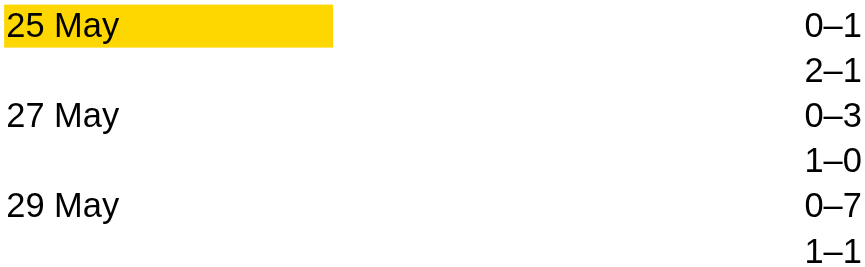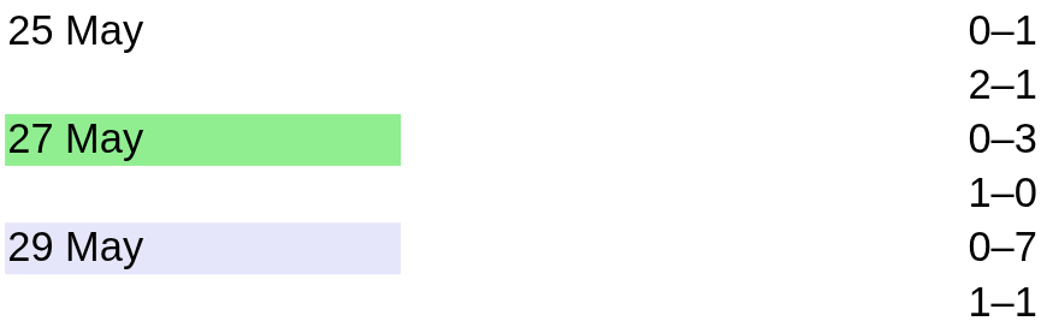 <table cellspacing=1 width=70%>
 <tr>
 <th width=25%></th>
 <th width=30%></th>
 <th width=15%></th>
 <th width=30%></th>
 </tr>
 <tr>
-<td style="background: gold;">25 May</td>
+<td>25 May</td>
 <td align=right></td>
 <td align=center>0–1</td>
 <td></td>
 </tr>
 <tr>
 <td></td>
 <td align=right></td>
 <td align=center>2–1</td>
 <td></td>
 </tr>
 <tr>
-<td>27 May</td>
+<td style="background: lightgreen;">27 May</td>
 <td align=right></td>
 <td align=center>0–3</td>
 <td></td>
 </tr>
 <tr>
 <td></td>
 <td align=right></td>
 <td align=center>1–0</td>
 <td></td>
 </tr>
 <tr>
-<td>29 May</td>
+<td style="background: lavender;">29 May</td>
 <td align=right></td>
 <td align=center>0–7</td>
 <td></td>
 </tr>
 <tr>
 <td></td>
 <td align=right></td>
 <td align=center>1–1</td>
 <td></td>
 </tr>
 </table>
